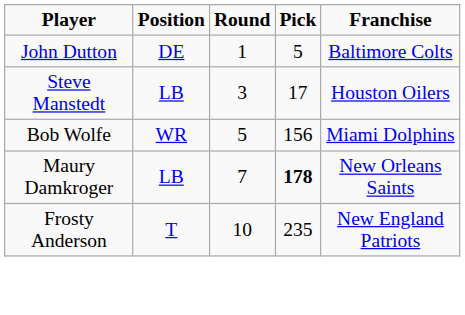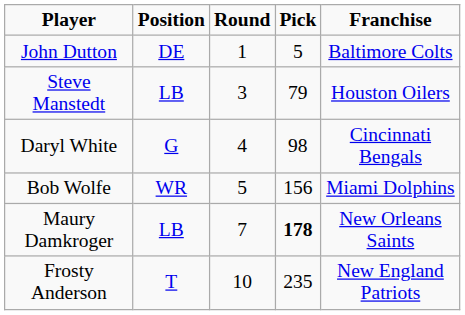 <table class="wikitable" width="60%">
 <tr align="center">
 <td><strong>Player</strong></td>
 <td><strong>Position</strong></td>
 <td><strong>Round</strong></td>
 <td><strong>Pick</strong></td>
 <td><strong>Franchise</strong></td>
 </tr>
 <tr align="center" bgcolor="">
 <td><a href='#'>John Dutton</a></td>
 <td><a href='#'>DE</a></td>
 <td>1</td>
 <td>5</td>
 <td><a href='#'>Baltimore Colts</a></td>
 </tr>
 <tr align="center" bgcolor="">
 <td><a href='#'>Steve Manstedt</a></td>
 <td><a href='#'>LB</a></td>
 <td>3</td>
-<td>17</td>
+<td>79</td>
 <td><a href='#'>Houston Oilers</a></td>
+</tr>
+<tr align="center" bgcolor="">
+<td>Daryl White</td>
+<td><a href='#'>G</a></td>
+<td>4</td>
+<td>98</td>
+<td><a href='#'>Cincinnati Bengals</a></td>
 </tr>
 <tr align="center" bgcolor="">
 <td>Bob Wolfe</td>
 <td><a href='#'>WR</a></td>
 <td>5</td>
 <td>156</td>
 <td><a href='#'>Miami Dolphins</a></td>
 </tr>
 <tr align="center" bgcolor="">
 <td>Maury Damkroger</td>
 <td><a href='#'>LB</a></td>
 <td>7</td>
 <td><strong>178</strong></td>
 <td><a href='#'>New Orleans Saints</a></td>
 </tr>
 <tr align="center" bgcolor="">
 <td>Frosty Anderson</td>
 <td><a href='#'>T</a></td>
 <td>10</td>
 <td>235</td>
 <td><a href='#'>New England Patriots</a></td>
 </tr>
 </table>
